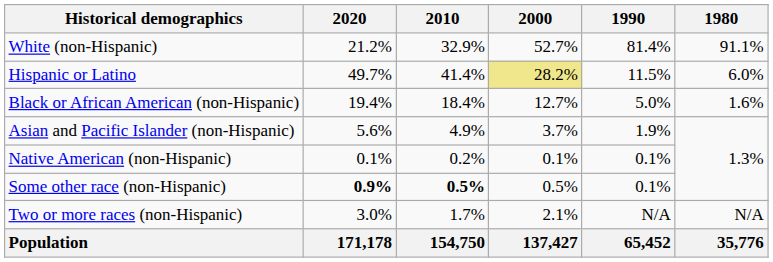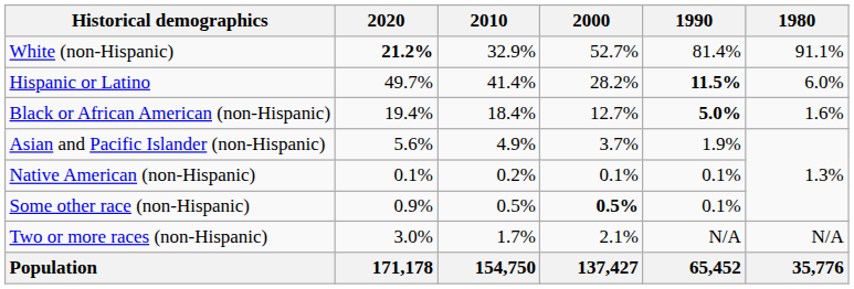 <table class="wikitable sortable collapsible mw-collapsed" style="font-size: 90%; text-align: right;">
 <tr>
 <th>Historical demographics</th>
 <th style="width: 5em;">2020</th>
 <th style="width: 5em;">2010</th>
 <th style="width: 5em;">2000</th>
 <th style="width: 5em;">1990</th>
 <th style="width: 5em;">1980</th>
 </tr>
 <tr>
 <td style="text-align:left"><a href='#'>White</a> (non-Hispanic)</td>
-<td>21.2%</td>
+<td><strong>21.2%</strong></td>
 <td>32.9%</td>
 <td>52.7%</td>
 <td>81.4%</td>
 <td>91.1%</td>
 </tr>
 <tr>
 <td style="text-align:left"><a href='#'>Hispanic or Latino</a></td>
 <td>49.7%</td>
 <td>41.4%</td>
-<td style="background: khaki;">28.2%</td>
-<td>11.5%</td>
+<td>28.2%</td>
+<td><strong>11.5%</strong></td>
 <td>6.0%</td>
 </tr>
 <tr>
 <td style="text-align:left"><a href='#'>Black or African American</a> (non-Hispanic)</td>
 <td>19.4%</td>
 <td>18.4%</td>
 <td>12.7%</td>
-<td>5.0%</td>
+<td><strong>5.0%</strong></td>
 <td>1.6%</td>
 </tr>
 <tr>
 <td style="text-align:left"><a href='#'>Asian</a> and <a href='#'>Pacific Islander</a> (non-Hispanic)</td>
 <td>5.6%</td>
 <td>4.9%</td>
 <td>3.7%</td>
 <td>1.9%</td>
 <td rowspan="3">1.3%</td>
 </tr>
 <tr>
 <td style="text-align:left"><a href='#'>Native American</a> (non-Hispanic)</td>
 <td>0.1%</td>
 <td>0.2%</td>
 <td>0.1%</td>
 <td>0.1%</td>
 </tr>
 <tr>
 <td style="text-align:left"><a href='#'>Some other race</a> (non-Hispanic)</td>
-<td><strong>0.9%</strong></td>
+<td>0.9%</td>
+<td>0.5%</td>
 <td><strong>0.5%</strong></td>
-<td>0.5%</td>
 <td>0.1%</td>
 </tr>
 <tr>
 <td style="text-align:left"><a href='#'>Two or more races</a> (non-Hispanic)</td>
 <td>3.0%</td>
 <td>1.7%</td>
 <td>2.1%</td>
 <td>N/A</td>
 <td>N/A</td>
 </tr>
 <tr>
 <th style="text-align:left">Population</th>
 <th style="text-align:right">171,178</th>
 <th style="text-align:right">154,750</th>
 <th style="text-align:right">137,427</th>
 <th style="text-align:right">65,452</th>
 <th style="text-align:right">35,776</th>
 </tr>
 </table>
